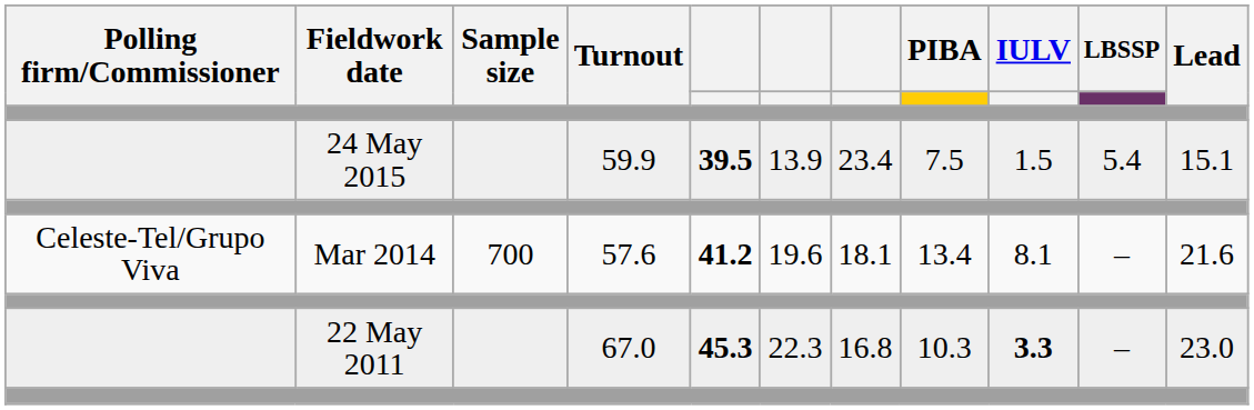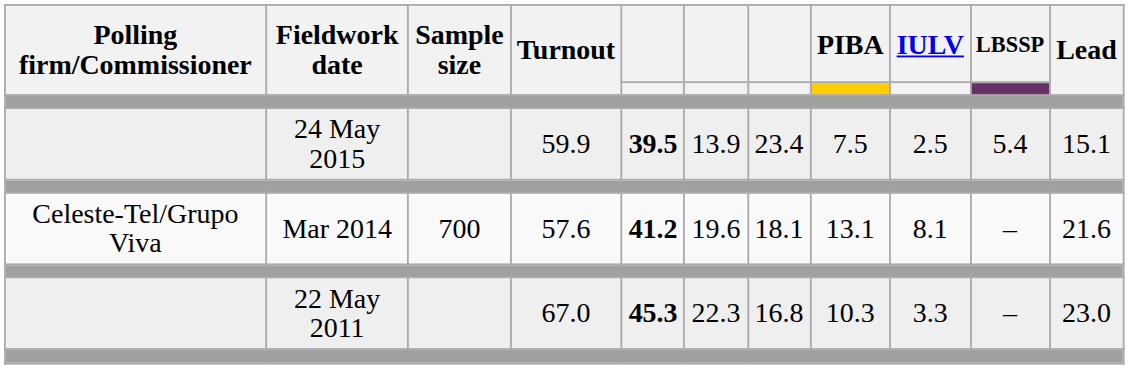 <table class="wikitable collapsible collapsed" style="text-align:center; font-size:95%; line-height:16px;">
 <tr style="height:42px;">
 <th style="width:250px;" rowspan="2">Polling firm/Commissioner</th>
 <th style="width:125px;" rowspan="2">Fieldwork date</th>
 <th style="width:50px;" rowspan="2">Sample size</th>
 <th style="width:45px;" rowspan="2">Turnout</th>
 <th style="width:35px;"></th>
 <th style="width:35px;"></th>
 <th style="width:35px;"></th>
 <th style="width:35px;">PIBA</th>
 <th style="width:35px;"><a href='#'>IULV</a></th>
 <th style="width:35px; font-size:80%;">LBSSP</th>
 <th style="width:30px;" rowspan="2">Lead</th>
 </tr>
 <tr>
 <th style="color:inherit;background:"></th>
 <th style="color:inherit;background:"></th>
 <th style="color:inherit;background:"></th>
 <th style="color:inherit;background:#FFCD05;"></th>
 <th style="color:inherit;background:"></th>
 <th style="color:inherit;background:#693067;"></th>
 </tr>
 <tr>
 <td colspan="11" style="background:#A0A0A0"></td>
 </tr>
 <tr style="background:#EFEFEF;">
 <td><strong></strong></td>
 <td>24 May 2015</td>
 <td></td>
 <td>59.9</td>
 <td><strong>39.5</strong><br></td>
 <td>13.9<br></td>
 <td>23.4<br></td>
 <td>7.5<br></td>
-<td>1.5<br></td>
+<td>2.5<br></td>
 <td>5.4<br></td>
 <td style="background:">15.1</td>
 </tr>
 <tr>
 <td colspan="11" style="background:#A0A0A0"></td>
 </tr>
 <tr>
 <td>Celeste-Tel/Grupo Viva</td>
 <td>Mar 2014</td>
 <td>700</td>
 <td>57.6</td>
 <td><strong>41.2</strong><br></td>
 <td>19.6<br></td>
 <td>18.1<br></td>
-<td>13.4<br></td>
+<td>13.1<br></td>
 <td>8.1<br></td>
 <td>–</td>
 <td style="background:">21.6</td>
 </tr>
 <tr>
 <td colspan="11" style="background:#A0A0A0"></td>
 </tr>
 <tr style="background:#EFEFEF;">
 <td><strong></strong></td>
 <td>22 May 2011</td>
 <td></td>
 <td>67.0</td>
 <td><strong>45.3</strong><br></td>
 <td>22.3<br></td>
 <td>16.8<br></td>
 <td>10.3<br></td>
-<td><strong>3.3<br></strong></td>
+<td>3.3<br></td>
 <td>–</td>
 <td style="background:">23.0</td>
 </tr>
 <tr>
 <td colspan="11" style="background:#A0A0A0"></td>
 </tr>
 </table>
